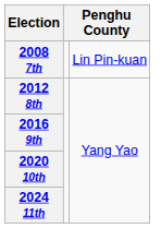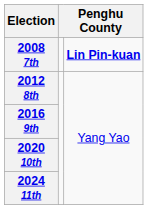 <table class="wikitable" align="center" style="text-align:center">
 <tr>
 <th>Election</th>
 <th colspan="2" width="80px">Penghu County</th>
 </tr>
 <tr>
 <th><a href='#'>2008</a><br><small><em><a href='#'>7th</a></em></small><br></th>
 <td style="color:inherit;background:"></td>
-<td><a href='#'>Lin Pin-kuan</a></td>
+<td><strong><a href='#'>Lin Pin-kuan</a></strong></td>
 </tr>
 <tr>
 <th><a href='#'>2012</a><br><small><em><a href='#'>8th</a></em></small><br></th>
 <td rowspan="4" style="color:inherit;background:"></td>
 <td rowspan="4"><a href='#'>Yang Yao</a></td>
 </tr>
 <tr>
 <th><a href='#'>2016</a><br><small><em><a href='#'>9th</a></em></small><br></th>
 </tr>
 <tr>
 <th><a href='#'>2020</a><br><small><em><a href='#'>10th</a></em></small><br></th>
 </tr>
 <tr>
 <th><a href='#'>2024</a><br><small><em><a href='#'>11th</a></em></small><br></th>
 </tr>
 </table>
